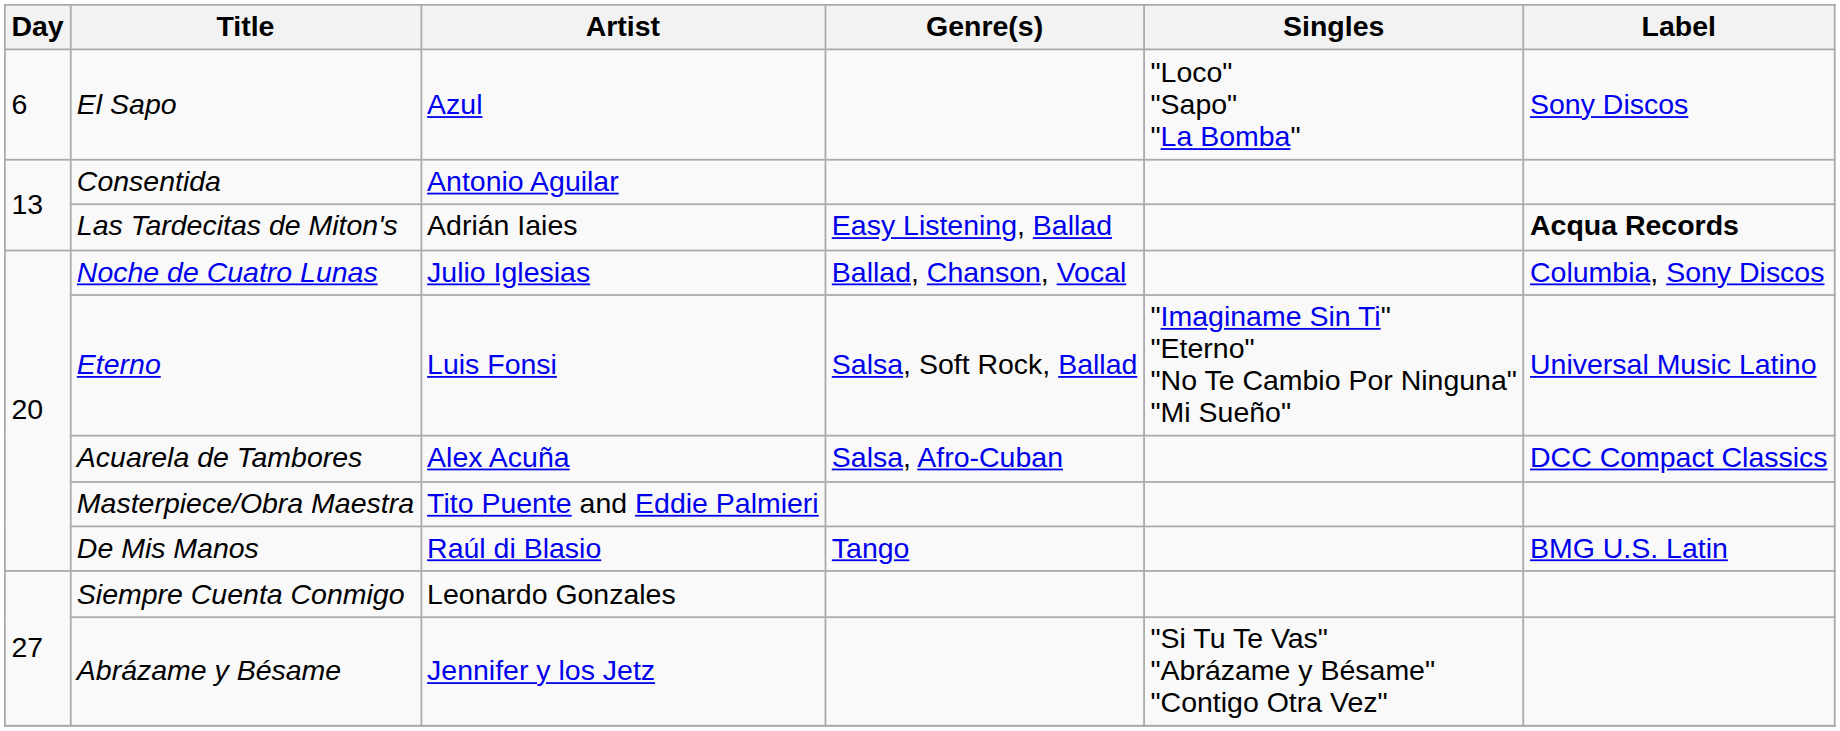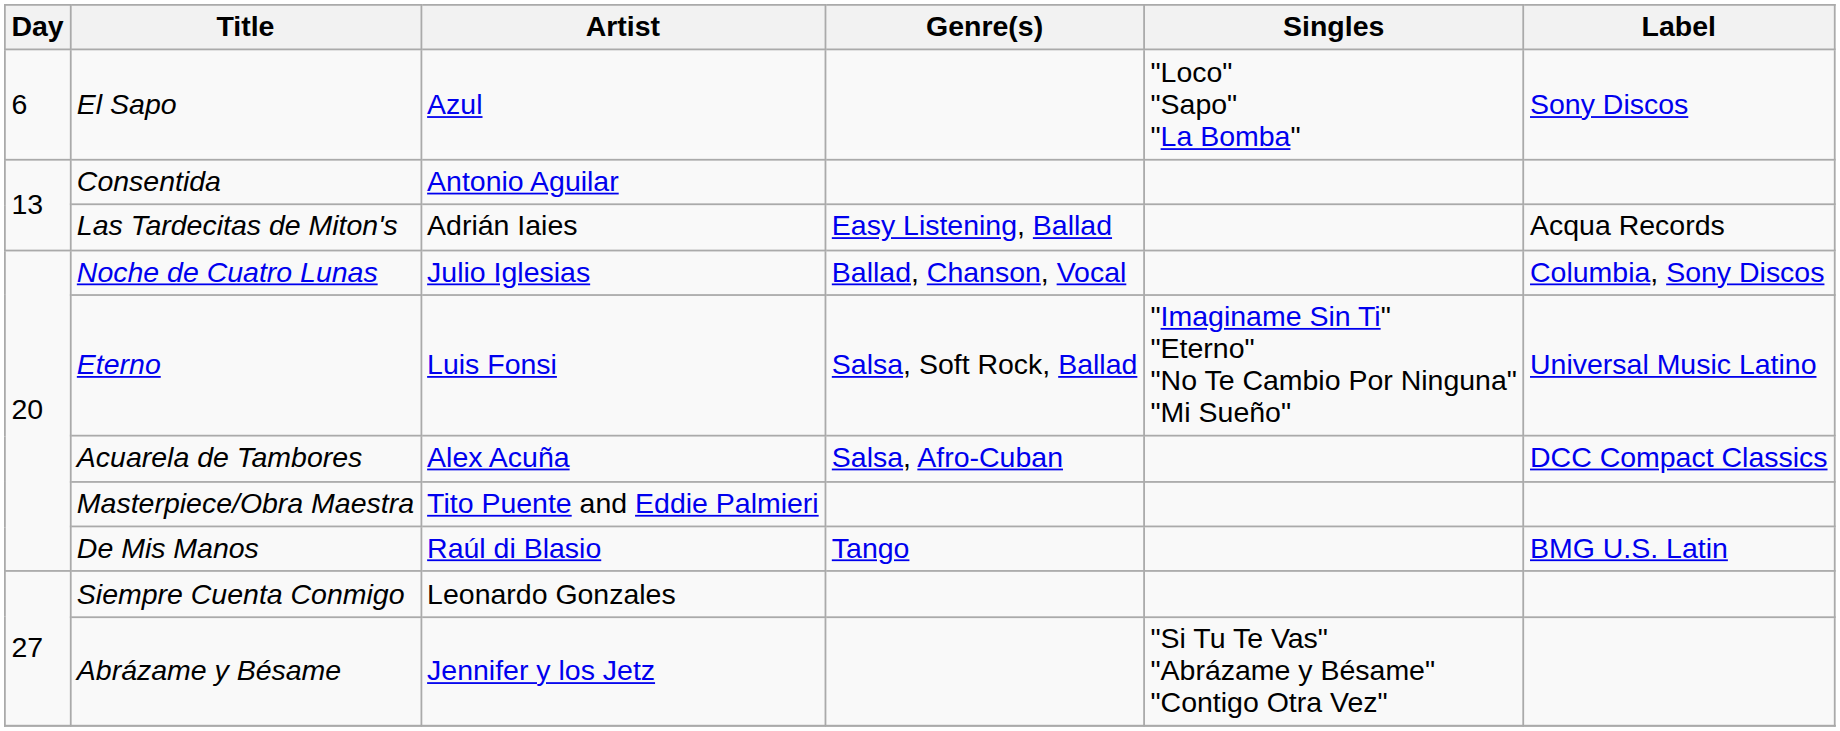 <table class="wikitable sortable" style="text-align: left;">
 <tr>
 <th>Day</th>
 <th>Title</th>
 <th>Artist</th>
 <th>Genre(s)</th>
 <th>Singles</th>
 <th>Label</th>
 </tr>
 <tr>
 <td>6</td>
 <td><em>El Sapo</em></td>
 <td><a href='#'>Azul</a></td>
 <td></td>
 <td>"Loco"<br>"Sapo"<br>"<a href='#'>La Bomba</a>"</td>
 <td><a href='#'>Sony Discos</a></td>
 </tr>
 <tr>
 <td rowspan="2">13</td>
 <td><em>Consentida</em></td>
 <td><a href='#'>Antonio Aguilar</a></td>
 <td></td>
 <td></td>
 <td></td>
 </tr>
 <tr>
 <td><em>Las Tardecitas de Miton's</em></td>
 <td>Adrián Iaies</td>
 <td><a href='#'>Easy Listening</a>, <a href='#'>Ballad</a></td>
 <td></td>
-<td><strong>Acqua Records</strong></td>
+<td>Acqua Records</td>
 </tr>
 <tr>
 <td rowspan="5">20</td>
 <td><em><a href='#'>Noche de Cuatro Lunas</a></em></td>
 <td><a href='#'>Julio Iglesias</a></td>
 <td><a href='#'>Ballad</a>, <a href='#'>Chanson</a>, <a href='#'>Vocal</a></td>
 <td></td>
 <td><a href='#'>Columbia</a>, <a href='#'>Sony Discos</a></td>
 </tr>
 <tr>
 <td><em><a href='#'>Eterno</a></em></td>
 <td><a href='#'>Luis Fonsi</a></td>
 <td><a href='#'>Salsa</a>, Soft Rock, <a href='#'>Ballad</a></td>
 <td>"<a href='#'>Imaginame Sin Ti</a>"<br>"Eterno"<br>"No Te Cambio Por Ninguna"<br>"Mi Sueño"</td>
 <td><a href='#'>Universal Music Latino</a></td>
 </tr>
 <tr>
 <td><em>Acuarela de Tambores</em></td>
 <td><a href='#'>Alex Acuña</a></td>
 <td><a href='#'>Salsa</a>, <a href='#'>Afro-Cuban</a></td>
 <td></td>
 <td><a href='#'>DCC Compact Classics</a></td>
 </tr>
 <tr>
 <td><em>Masterpiece/Obra Maestra</em></td>
 <td><a href='#'>Tito Puente</a> and <a href='#'>Eddie Palmieri</a></td>
 <td></td>
 <td></td>
 <td></td>
 </tr>
 <tr>
 <td><em>De Mis Manos</em></td>
 <td><a href='#'>Raúl di Blasio</a></td>
 <td><a href='#'>Tango</a></td>
 <td></td>
 <td><a href='#'>BMG U.S. Latin</a></td>
 </tr>
 <tr>
 <td rowspan="2">27</td>
 <td><em>Siempre Cuenta Conmigo</em></td>
 <td>Leonardo Gonzales</td>
 <td></td>
 <td></td>
 <td></td>
 </tr>
 <tr>
 <td><em>Abrázame y Bésame</em></td>
 <td><a href='#'>Jennifer y los Jetz</a></td>
 <td></td>
 <td>"Si Tu Te Vas"<br>"Abrázame y Bésame"<br>"Contigo Otra Vez"</td>
 <td></td>
 </tr>
 <tr>
 </tr>
 </table>
